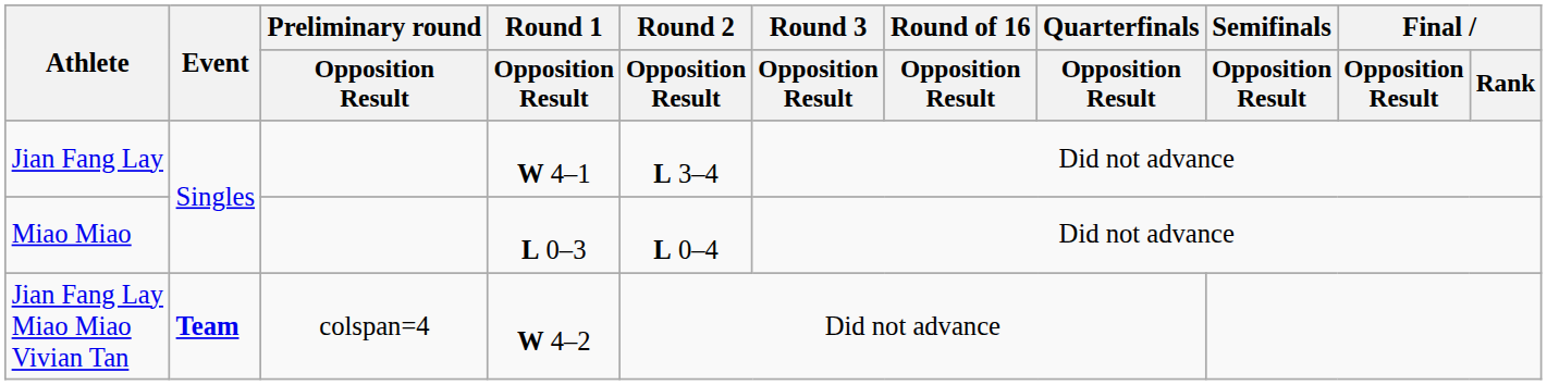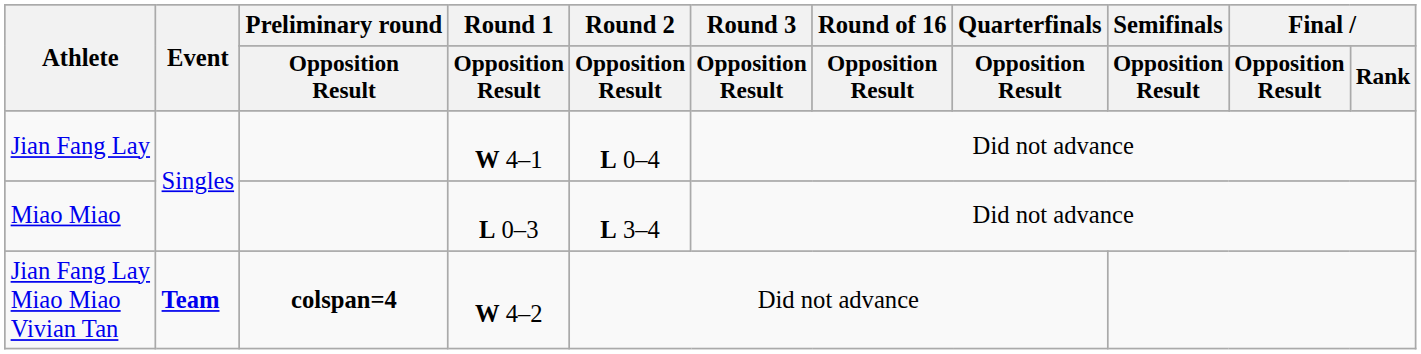 <table class="wikitable" style="font-size:90%">
 <tr>
 <th rowspan=2>Athlete</th>
 <th rowspan=2>Event</th>
 <th>Preliminary round</th>
 <th>Round 1</th>
 <th>Round 2</th>
 <th>Round 3</th>
 <th>Round of 16</th>
 <th>Quarterfinals</th>
 <th>Semifinals</th>
 <th colspan=2>Final / </th>
 </tr>
 <tr style="font-size:95%">
 <th>Opposition<br>Result</th>
 <th>Opposition<br>Result</th>
 <th>Opposition<br>Result</th>
 <th>Opposition<br>Result</th>
 <th>Opposition<br>Result</th>
 <th>Opposition<br>Result</th>
 <th>Opposition<br>Result</th>
 <th>Opposition<br>Result</th>
 <th>Rank</th>
 </tr>
 <tr align=center>
 <td align=left><a href='#'>Jian Fang Lay</a></td>
 <td align=left rowspan=2><a href='#'>Singles</a></td>
 <td></td>
 <td><br><strong>W</strong> 4–1</td>
-<td> <br><strong>L</strong> 3–4</td>
+<td><br><strong>L</strong> 0–4</td>
 <td colspan=6>Did not advance</td>
 </tr>
 <tr align=center>
 <td align=left><a href='#'>Miao Miao</a></td>
 <td></td>
 <td><br><strong>L</strong> 0–3</td>
-<td><br><strong>L</strong> 0–4</td>
+<td> <br><strong>L</strong> 3–4</td>
 <td colspan=6>Did not advance</td>
 </tr>
 <tr align=center>
 <td align=left><a href='#'>Jian Fang Lay</a><br><a href='#'>Miao Miao</a><br><a href='#'>Vivian Tan</a></td>
 <td align=left><strong><a href='#'>Team</a></strong></td>
-<td>colspan=4 </td>
+<td><strong>colspan=4 </strong></td>
 <td><br><strong>W</strong> 4–2</td>
 <td colspan=4>Did not advance</td>
 </tr>
 </table>
